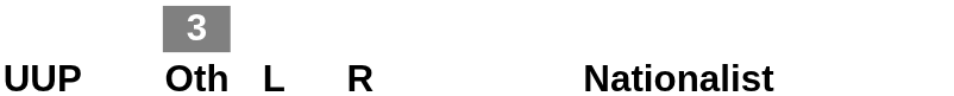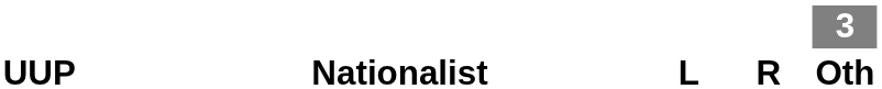 <table style="width:50%; text-align:center;">
 <tr style="color:white;">
 <td style="background:"><strong>36</strong></td>
-<td style="background:grey; width:5.7%;"><strong>3</strong></td>
+<td style="background:"><strong>9</strong></td>
 <td style="background:"><strong>2</strong></td>
 <td style="background:"><strong>2</strong></td>
-<td style="background:"><strong>9</strong></td>
+<td style="background:grey; width:5.7%;"><strong>3</strong></td>
 </tr>
 <tr>
 <td><span><strong>UUP</strong></span></td>
-<td><span><strong>Oth</strong></span></td>
+<td><span><strong>Nationalist</strong></span></td>
 <td><span><strong>L</strong></span></td>
 <td><span><strong>R</strong></span></td>
-<td><span><strong>Nationalist</strong></span></td>
+<td><span><strong>Oth</strong></span></td>
 </tr>
 </table>
